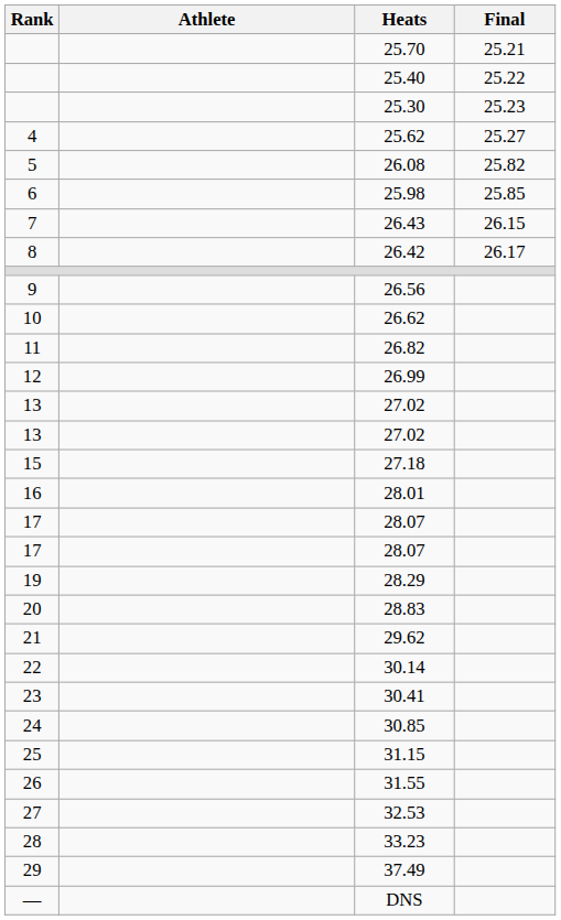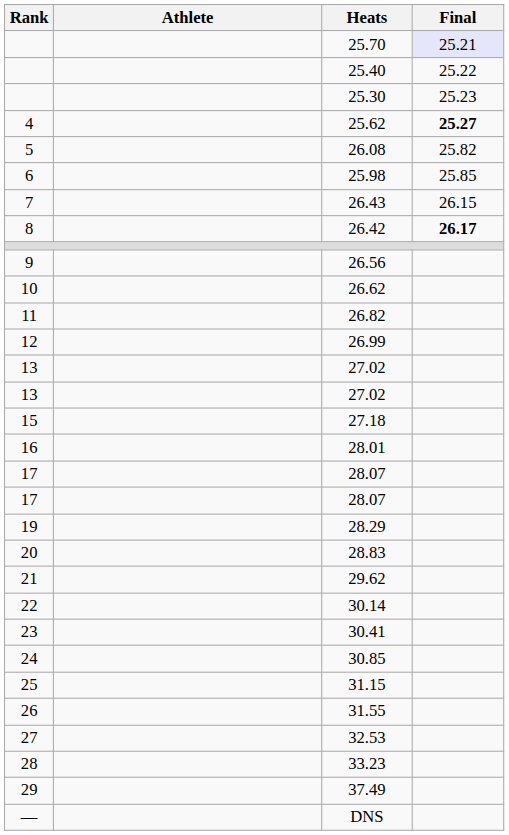 <table class=wikitable style="text-align:center">
 <tr>
 <th width=40>Rank</th>
 <th width=250>Athlete</th>
 <th width=80>Heats</th>
 <th width=80>Final</th>
 </tr>
 <tr>
 <td></td>
 <td align=left></td>
 <td>25.70</td>
-<td>25.21</td>
+<td style="background: lavender;">25.21</td>
 </tr>
 <tr>
 <td></td>
 <td align=left></td>
 <td>25.40</td>
 <td>25.22</td>
 </tr>
 <tr>
 <td></td>
 <td align=left></td>
 <td>25.30</td>
 <td>25.23</td>
 </tr>
 <tr>
 <td>4</td>
 <td align=left></td>
 <td>25.62</td>
-<td>25.27</td>
+<td><strong>25.27</strong></td>
 </tr>
 <tr>
 <td>5</td>
 <td align=left></td>
 <td>26.08</td>
 <td>25.82</td>
 </tr>
 <tr>
 <td>6</td>
 <td align=left></td>
 <td>25.98</td>
 <td>25.85</td>
 </tr>
 <tr>
 <td>7</td>
 <td align=left></td>
 <td>26.43</td>
 <td>26.15</td>
 </tr>
 <tr>
 <td>8</td>
 <td align=left></td>
 <td>26.42</td>
-<td>26.17</td>
+<td><strong>26.17</strong></td>
 </tr>
 <tr bgcolor=#DDDDDD>
 <td colspan=4></td>
 </tr>
 <tr>
 <td>9</td>
 <td align=left></td>
 <td>26.56</td>
 <td></td>
 </tr>
 <tr>
 <td>10</td>
 <td align=left></td>
 <td>26.62</td>
 <td></td>
 </tr>
 <tr>
 <td>11</td>
 <td align=left></td>
 <td>26.82</td>
 <td></td>
 </tr>
 <tr>
 <td>12</td>
 <td align=left></td>
 <td>26.99</td>
 <td></td>
 </tr>
 <tr>
 <td>13</td>
 <td align=left></td>
 <td>27.02</td>
 <td></td>
 </tr>
 <tr>
 <td>13</td>
 <td align=left></td>
 <td>27.02</td>
 <td></td>
 </tr>
 <tr>
 <td>15</td>
 <td align=left></td>
 <td>27.18</td>
 <td></td>
 </tr>
 <tr>
 <td>16</td>
 <td align=left></td>
 <td>28.01</td>
 <td></td>
 </tr>
 <tr>
 <td>17</td>
 <td align=left></td>
 <td>28.07</td>
 <td></td>
 </tr>
 <tr>
 <td>17</td>
 <td align=left></td>
 <td>28.07</td>
 <td></td>
 </tr>
 <tr>
 <td>19</td>
 <td align=left></td>
 <td>28.29</td>
 <td></td>
 </tr>
 <tr>
 <td>20</td>
 <td align=left></td>
 <td>28.83</td>
 <td></td>
 </tr>
 <tr>
 <td>21</td>
 <td align=left></td>
 <td>29.62</td>
 <td></td>
 </tr>
 <tr>
 <td>22</td>
 <td align=left></td>
 <td>30.14</td>
 <td></td>
 </tr>
 <tr>
 <td>23</td>
 <td align=left></td>
 <td>30.41</td>
 <td></td>
 </tr>
 <tr>
 <td>24</td>
 <td align=left></td>
 <td>30.85</td>
 <td></td>
 </tr>
 <tr>
 <td>25</td>
 <td align=left></td>
 <td>31.15</td>
 <td></td>
 </tr>
 <tr>
 <td>26</td>
 <td align=left></td>
 <td>31.55</td>
 <td></td>
 </tr>
 <tr>
 <td>27</td>
 <td align=left></td>
 <td>32.53</td>
 <td></td>
 </tr>
 <tr>
 <td>28</td>
 <td align=left></td>
 <td>33.23</td>
 <td></td>
 </tr>
 <tr>
 <td>29</td>
 <td align=left></td>
 <td>37.49</td>
 <td></td>
 </tr>
 <tr>
 <td>—</td>
 <td align=left></td>
 <td>DNS</td>
 <td></td>
 </tr>
 </table>
